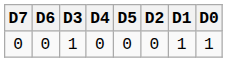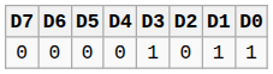 <table class="wikitable" " style="text-align:center">
 <tr>
 <th>D7</th>
 <th>D6</th>
+<th>D5</th>
+<th>D4</th>
 <th>D3</th>
-<th>D4</th>
-<th>D5</th>
 <th>D2</th>
 <th>D1</th>
 <th>D0</th>
 </tr>
 <tr>
 <td>0</td>
 <td>0</td>
-<td>1</td>
 <td>0</td>
 <td>0</td>
+<td>1</td>
 <td>0</td>
 <td>1</td>
 <td>1</td>
 </tr>
 </table>
